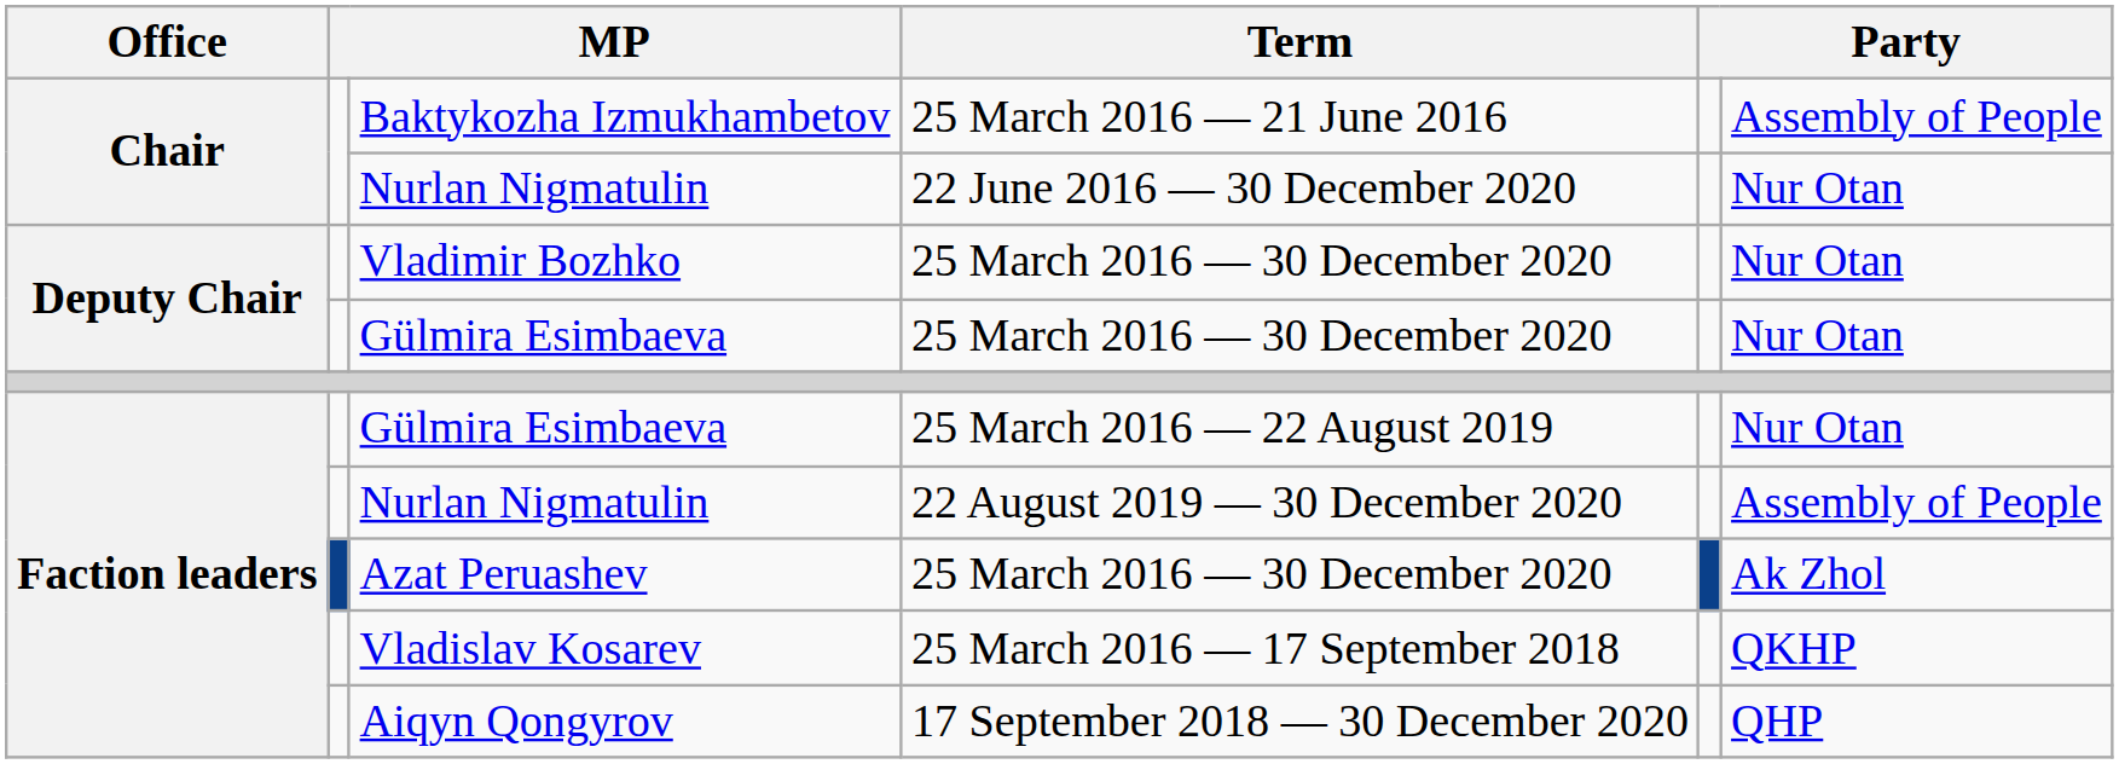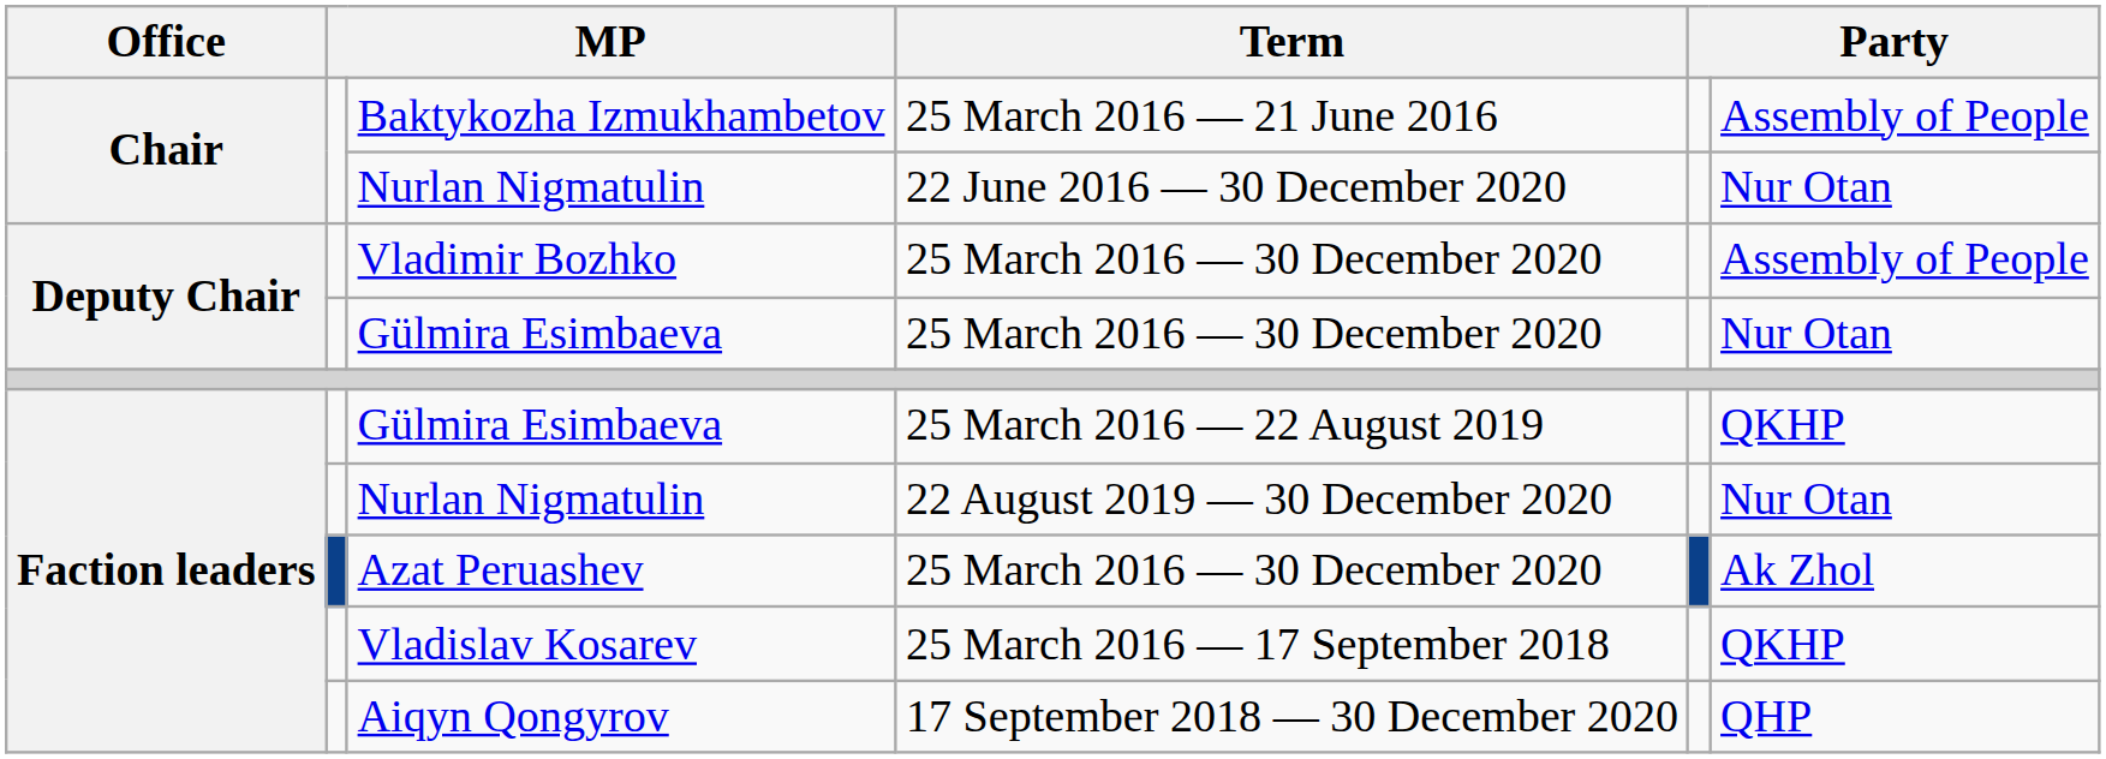 <table class="wikitable">
 <tr>
 <th>Office</th>
 <th colspan="2">MP</th>
 <th>Term</th>
 <th colspan="2">Party</th>
 </tr>
 <tr>
 <th rowspan="2">Chair</th>
 <td rowspan="2" style="background-color:"></td>
 <td><a href='#'>Baktykozha Izmukhambetov</a></td>
 <td>25 March 2016 — 21 June 2016</td>
 <td style="background-color:"></td>
 <td><a href='#'>Assembly of People</a></td>
 </tr>
 <tr>
 <td><a href='#'>Nurlan Nigmatulin</a></td>
 <td>22 June 2016 — 30 December 2020</td>
 <td style="background-color:"></td>
 <td><a href='#'>Nur Otan</a></td>
 </tr>
 <tr>
 <th rowspan="2">Deputy Chair</th>
 <td></td>
 <td><a href='#'>Vladimir Bozhko</a></td>
 <td>25 March 2016 — 30 December 2020</td>
 <td></td>
-<td><a href='#'>Nur Otan</a></td>
+<td><a href='#'>Assembly of People</a></td>
 </tr>
 <tr>
 <td style="background-color:"></td>
 <td><a href='#'>Gülmira Esimbaeva</a></td>
 <td>25 March 2016 — 30 December 2020</td>
 <td style="background-color:"></td>
 <td><a href='#'>Nur Otan</a></td>
 </tr>
 <tr>
 <td colspan="7;" bgcolor="lightgrey"></td>
 </tr>
 <tr>
 <th rowspan="5">Faction leaders</th>
 <td style="background-color:"></td>
 <td><a href='#'>Gülmira Esimbaeva</a></td>
 <td>25 March 2016 — 22 August 2019</td>
 <td style="background-color:"></td>
-<td><a href='#'>Nur Otan</a></td>
+<td><a href='#'>QKHP</a></td>
 </tr>
 <tr>
 <td style="background-color:"></td>
 <td><a href='#'>Nurlan Nigmatulin</a></td>
 <td>22 August 2019 — 30 December 2020</td>
 <td style="background-color:"></td>
-<td><a href='#'>Assembly of People</a></td>
+<td><a href='#'>Nur Otan</a></td>
 </tr>
 <tr>
 <td style="background-color:#0A408A"></td>
 <td><a href='#'>Azat Peruashev</a></td>
 <td>25 March 2016 — 30 December 2020</td>
 <td style="background-color:#0A408A"></td>
 <td><a href='#'>Ak Zhol</a></td>
 </tr>
 <tr>
 <td style="background-color:"></td>
 <td><a href='#'>Vladislav Kosarev</a></td>
 <td>25 March 2016 — 17 September 2018</td>
 <td style="background-color:"></td>
 <td><a href='#'>QKHP</a></td>
 </tr>
 <tr>
 <td style="background-color:"></td>
 <td><a href='#'>Aiqyn Qongyrov</a></td>
 <td>17 September 2018 — 30 December 2020</td>
 <td style="background-color:"></td>
 <td><a href='#'>QHP</a></td>
 </tr>
 </table>
